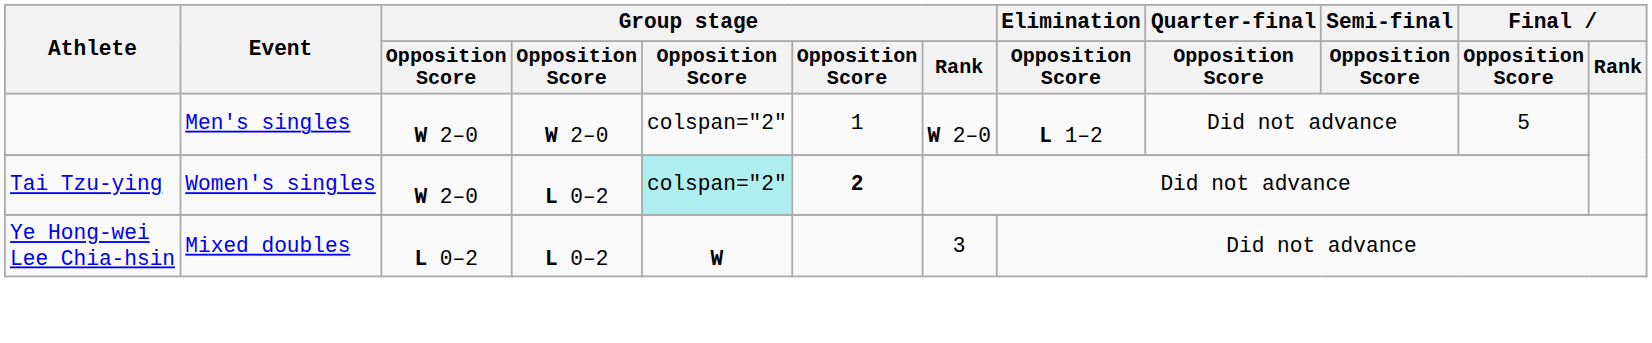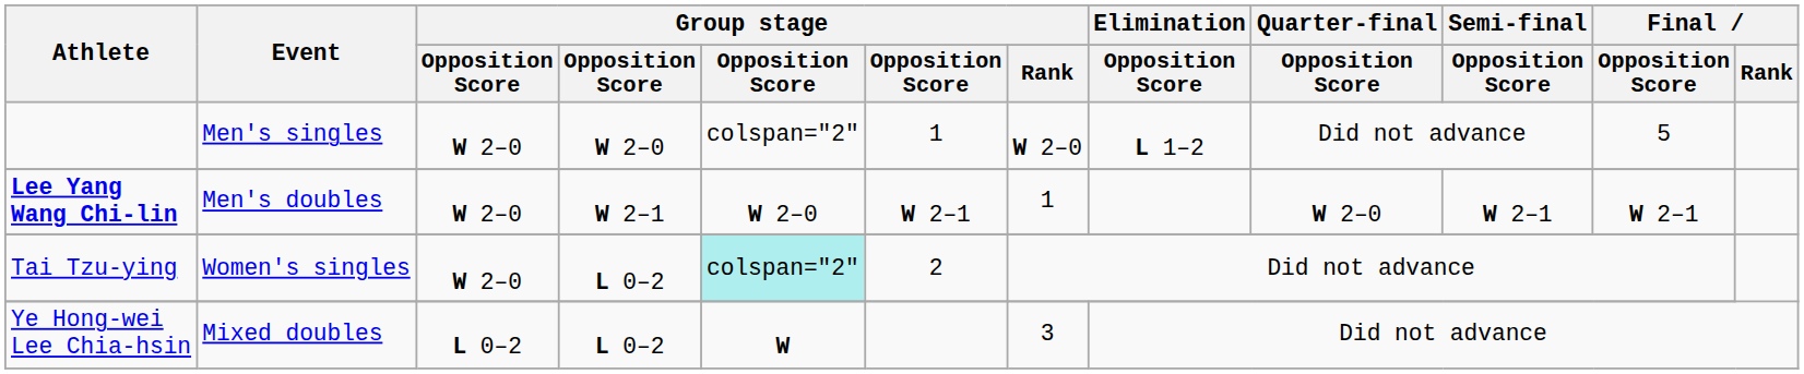 <table class="wikitable" style="font-size:90%; text-align:center">
 <tr>
 <th rowspan="2">Athlete</th>
 <th rowspan="2">Event</th>
 <th colspan="5">Group stage</th>
 <th>Elimination</th>
 <th>Quarter-final</th>
 <th>Semi-final</th>
 <th colspan="2">Final / </th>
 </tr>
 <tr style="font-size:95%">
 <th>Opposition<br>Score</th>
 <th>Opposition<br>Score</th>
 <th>Opposition<br>Score</th>
 <th>Opposition<br>Score</th>
 <th>Rank</th>
 <th>Opposition<br>Score</th>
 <th>Opposition<br>Score</th>
 <th>Opposition<br>Score</th>
 <th>Opposition<br>Score</th>
 <th>Rank</th>
 </tr>
 <tr>
 <td align="left"></td>
 <td align="left"><a href='#'>Men's singles</a></td>
 <td><br><strong>W</strong> 2–0</td>
 <td><br><strong>W</strong> 2–0</td>
 <td>colspan="2" </td>
 <td>1</td>
 <td><br><strong>W</strong> 2–0</td>
 <td><br><strong>L</strong> 1–2</td>
 <td colspan="2">Did not advance</td>
 <td>5</td>
 </tr>
 <tr>
 </tr>
+<tr align="center">
+<td align="left"><strong><a href='#'>Lee Yang</a><br><a href='#'>Wang Chi-lin</a></strong></td>
+<td align="left"><a href='#'>Men's doubles</a></td>
+<td><br><strong>W</strong> 2–0</td>
+<td><br><strong>W</strong> 2–1</td>
+<td><br><strong>W</strong> 2–0</td>
+<td><br><strong>W</strong> 2–1</td>
+<td>1</td>
+<td></td>
+<td><br><strong>W</strong> 2–0</td>
+<td><br><strong>W</strong> 2–1</td>
+<td><br><strong>W</strong> 2–1</td>
+<td></td>
+</tr>
 <tr>
 </tr>
 <tr align="center">
 <td align="left"><a href='#'>Tai Tzu-ying</a></td>
 <td align="left"><a href='#'>Women's singles</a></td>
 <td><br><strong>W</strong> 2–0</td>
 <td><br><strong>L</strong> 0–2</td>
 <td style="background: paleturquoise;">colspan="2" </td>
-<td><strong>2</strong></td>
+<td>2</td>
 <td colspan="5">Did not advance</td>
 </tr>
 <tr>
 </tr>
 <tr align="center">
 <td align="left"><a href='#'>Ye Hong-wei</a><br><a href='#'>Lee Chia-hsin</a></td>
 <td align="left"><a href='#'>Mixed doubles</a></td>
 <td><br><strong>L</strong> 0–2</td>
 <td><br><strong>L</strong> 0–2</td>
 <td><br><strong>W</strong> </td>
 <td></td>
 <td>3</td>
 <td colspan="5">Did not advance</td>
 </tr>
 </table>
